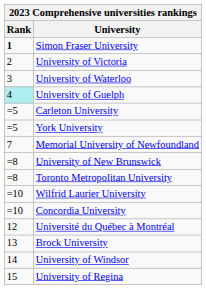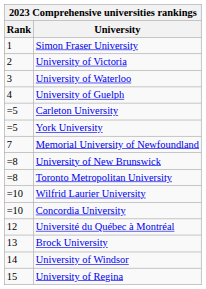 <table class="wikitable sortable">
 <tr>
 <th colspan="3">2023 Comprehensive universities rankings</th>
 </tr>
 <tr>
 <th>Rank</th>
 <th>University</th>
 </tr>
 <tr>
-<td><strong>1</strong></td>
+<td>1</td>
 <td><a href='#'>Simon Fraser University</a></td>
 </tr>
 <tr>
 <td>2</td>
 <td><a href='#'>University of Victoria</a></td>
 </tr>
 <tr>
 <td>3</td>
 <td><a href='#'>University of Waterloo</a></td>
 </tr>
 <tr>
-<td style="background: paleturquoise;">4</td>
+<td>4</td>
 <td><a href='#'>University of Guelph</a></td>
 </tr>
 <tr>
 <td data-sort-value="5">=5</td>
 <td><a href='#'>Carleton University</a></td>
 </tr>
 <tr>
 <td data-sort-value="5">=5</td>
 <td><a href='#'>York University</a></td>
 </tr>
 <tr>
 <td>7</td>
 <td><a href='#'>Memorial University of Newfoundland</a></td>
 </tr>
 <tr>
 <td data-sort-value="8">=8</td>
 <td><a href='#'>University of New Brunswick</a></td>
 </tr>
 <tr>
 <td data-sort-value="8">=8</td>
 <td><a href='#'>Toronto Metropolitan University</a></td>
 </tr>
 <tr>
 <td data-sort-value="10">=10</td>
 <td><a href='#'>Wilfrid Laurier University</a></td>
 </tr>
 <tr>
 <td data-sort-value="10">=10</td>
 <td><a href='#'>Concordia University</a></td>
 </tr>
 <tr>
 <td>12</td>
 <td><a href='#'>Université du Québec à Montréal</a></td>
 </tr>
 <tr>
 <td>13</td>
 <td><a href='#'>Brock University</a></td>
 </tr>
 <tr>
 <td>14</td>
 <td><a href='#'>University of Windsor</a></td>
 </tr>
 <tr>
 <td>15</td>
 <td><a href='#'>University of Regina</a></td>
 </tr>
 </table>
